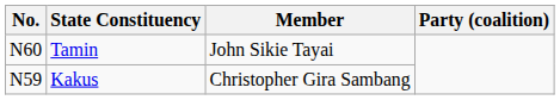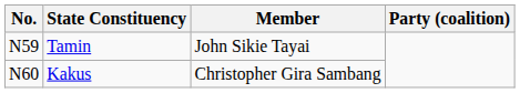 <table class="wikitable">
 <tr>
 <th>No.</th>
 <th>State Constituency</th>
 <th>Member</th>
 <th>Party (coalition)</th>
 </tr>
 <tr>
-<td>N60</td>
+<td>N59</td>
 <td><a href='#'>Tamin</a></td>
 <td>John Sikie Tayai</td>
 <td rowspan="2"></td>
 </tr>
 <tr>
-<td>N59</td>
+<td>N60</td>
 <td><a href='#'>Kakus</a></td>
 <td>Christopher Gira Sambang</td>
 </tr>
 </table>
